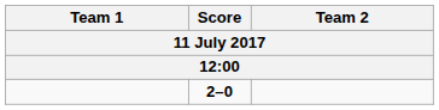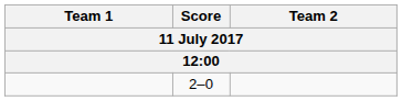 <table class="wikitable" style="text-align: center; font-size:90% ">
 <tr>
 <th align="right" width="160">Team 1</th>
 <th width="50">Score</th>
 <th align="left" width="160">Team 2</th>
 </tr>
 <tr>
 <th colspan=3>11 July 2017</th>
 </tr>
 <tr>
 <th colspan=3>12:00</th>
 </tr>
 <tr>
 <td align=right></td>
-<td align=center><strong>2–0</strong></td>
+<td align=center>2–0</td>
 <td align=left></td>
 </tr>
 </table>
